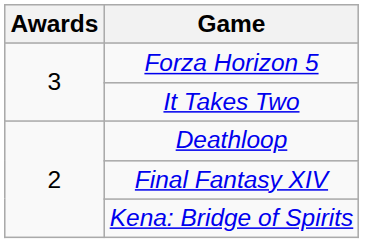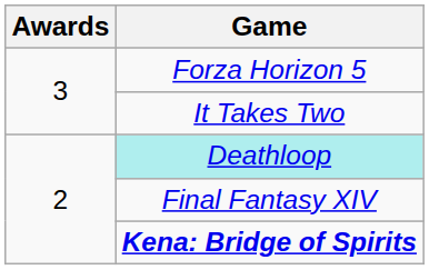 <table class="wikitable floatleft" rowspan="2" style="text-align:center;">
 <tr>
 <th style="width:55px;">Awards</th>
 <th style="text-align:center;">Game</th>
 </tr>
 <tr>
 <td rowspan="2">3</td>
 <td><em><a href='#'>Forza Horizon 5</a></em></td>
 </tr>
 <tr>
 <td><em><a href='#'>It Takes Two</a></em></td>
 </tr>
 <tr>
 <td rowspan="3">2</td>
-<td><em><a href='#'>Deathloop</a></em></td>
+<td style="background: paleturquoise;"><em><a href='#'>Deathloop</a></em></td>
 </tr>
 <tr>
 <td><em><a href='#'>Final Fantasy XIV</a></em></td>
 </tr>
 <tr>
-<td><em><a href='#'>Kena: Bridge of Spirits</a></em></td>
+<td><strong><em><a href='#'>Kena: Bridge of Spirits</a></em></strong></td>
 </tr>
 </table>
